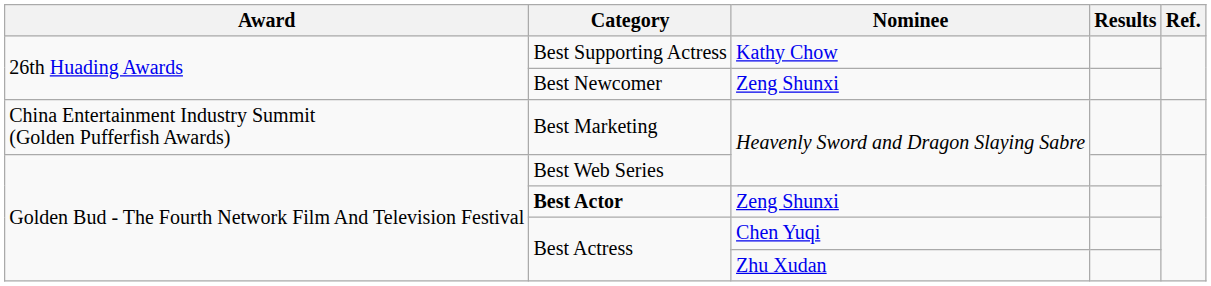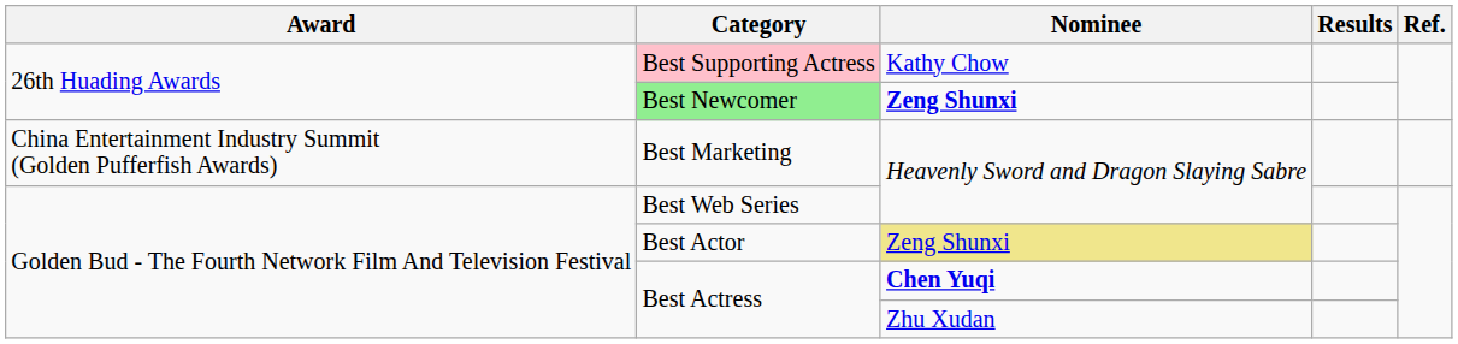 <table class="wikitable">
 <tr>
 <th>Award</th>
 <th>Category</th>
 <th>Nominee</th>
 <th>Results</th>
 <th>Ref.</th>
 </tr>
 <tr>
 <td rowspan=2>26th <a href='#'>Huading Awards</a></td>
-<td>Best Supporting Actress</td>
+<td style="background: pink;">Best Supporting Actress</td>
 <td><a href='#'>Kathy Chow</a></td>
 <td></td>
 <td rowspan=2></td>
 </tr>
 <tr>
-<td>Best Newcomer</td>
-<td><a href='#'>Zeng Shunxi</a></td>
+<td style="background: lightgreen;">Best Newcomer</td>
+<td><strong><a href='#'>Zeng Shunxi</a></strong></td>
 <td></td>
 </tr>
 <tr>
 <td>China Entertainment Industry Summit <br> (Golden Pufferfish Awards)</td>
 <td>Best Marketing</td>
 <td rowspan=2><em>Heavenly Sword and Dragon Slaying Sabre</em></td>
 <td></td>
 <td></td>
 </tr>
 <tr>
 <td rowspan=4>Golden Bud - The Fourth Network Film And Television Festival</td>
 <td>Best Web Series</td>
 <td></td>
 <td rowspan=4></td>
 </tr>
 <tr>
-<td><strong>Best Actor</strong></td>
-<td><a href='#'>Zeng Shunxi</a></td>
+<td>Best Actor</td>
+<td style="background: khaki;"><a href='#'>Zeng Shunxi</a></td>
 <td></td>
 </tr>
 <tr>
 <td rowspan=2>Best Actress</td>
-<td><a href='#'>Chen Yuqi</a></td>
+<td><strong><a href='#'>Chen Yuqi</a></strong></td>
 <td></td>
 </tr>
 <tr>
 <td><a href='#'>Zhu Xudan</a></td>
 <td></td>
 </tr>
 </table>
